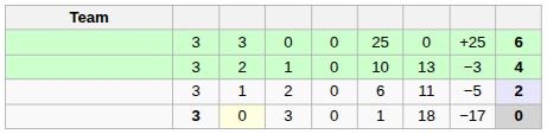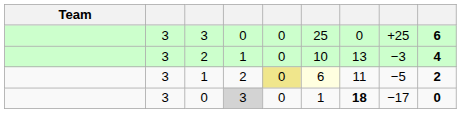 <table class="wikitable" style="text-align:center;">
 <tr>
 <th width=165>Team</th>
 <th width=40></th>
 <th width=40></th>
 <th width=40></th>
 <th width=40></th>
 <th width=40></th>
 <th width=40></th>
 <th width=40></th>
 <th width=40></th>
 </tr>
 <tr bgcolor="ccffcc">
 <td style="text-align:left;"></td>
 <td>3</td>
 <td>3</td>
 <td>0</td>
 <td>0</td>
 <td>25</td>
 <td>0</td>
 <td>+25</td>
 <td><strong>6</strong></td>
 </tr>
 <tr bgcolor="ccffcc">
 <td style="text-align:left;"></td>
 <td>3</td>
 <td>2</td>
 <td>1</td>
 <td>0</td>
 <td>10</td>
 <td>13</td>
 <td>−3</td>
 <td><strong>4</strong></td>
 </tr>
 <tr>
 <td style="text-align:left;"></td>
 <td>3</td>
 <td>1</td>
 <td>2</td>
-<td>0</td>
-<td>6</td>
+<td style="background: khaki;">0</td>
+<td style="background: lightyellow;">6</td>
 <td>11</td>
 <td>−5</td>
-<td style="background: lavender;"><strong>2</strong></td>
+<td><strong>2</strong></td>
 </tr>
 <tr>
 <td style="text-align:left;"></td>
-<td><strong>3</strong></td>
-<td style="background: lightyellow;">0</td>
 <td>3</td>
 <td>0</td>
+<td style="background: lightgrey;">3</td>
+<td>0</td>
 <td>1</td>
-<td>18</td>
+<td><strong>18</strong></td>
 <td>−17</td>
-<td style="background: lightgrey;"><strong>0</strong></td>
+<td><strong>0</strong></td>
 </tr>
 </table>
